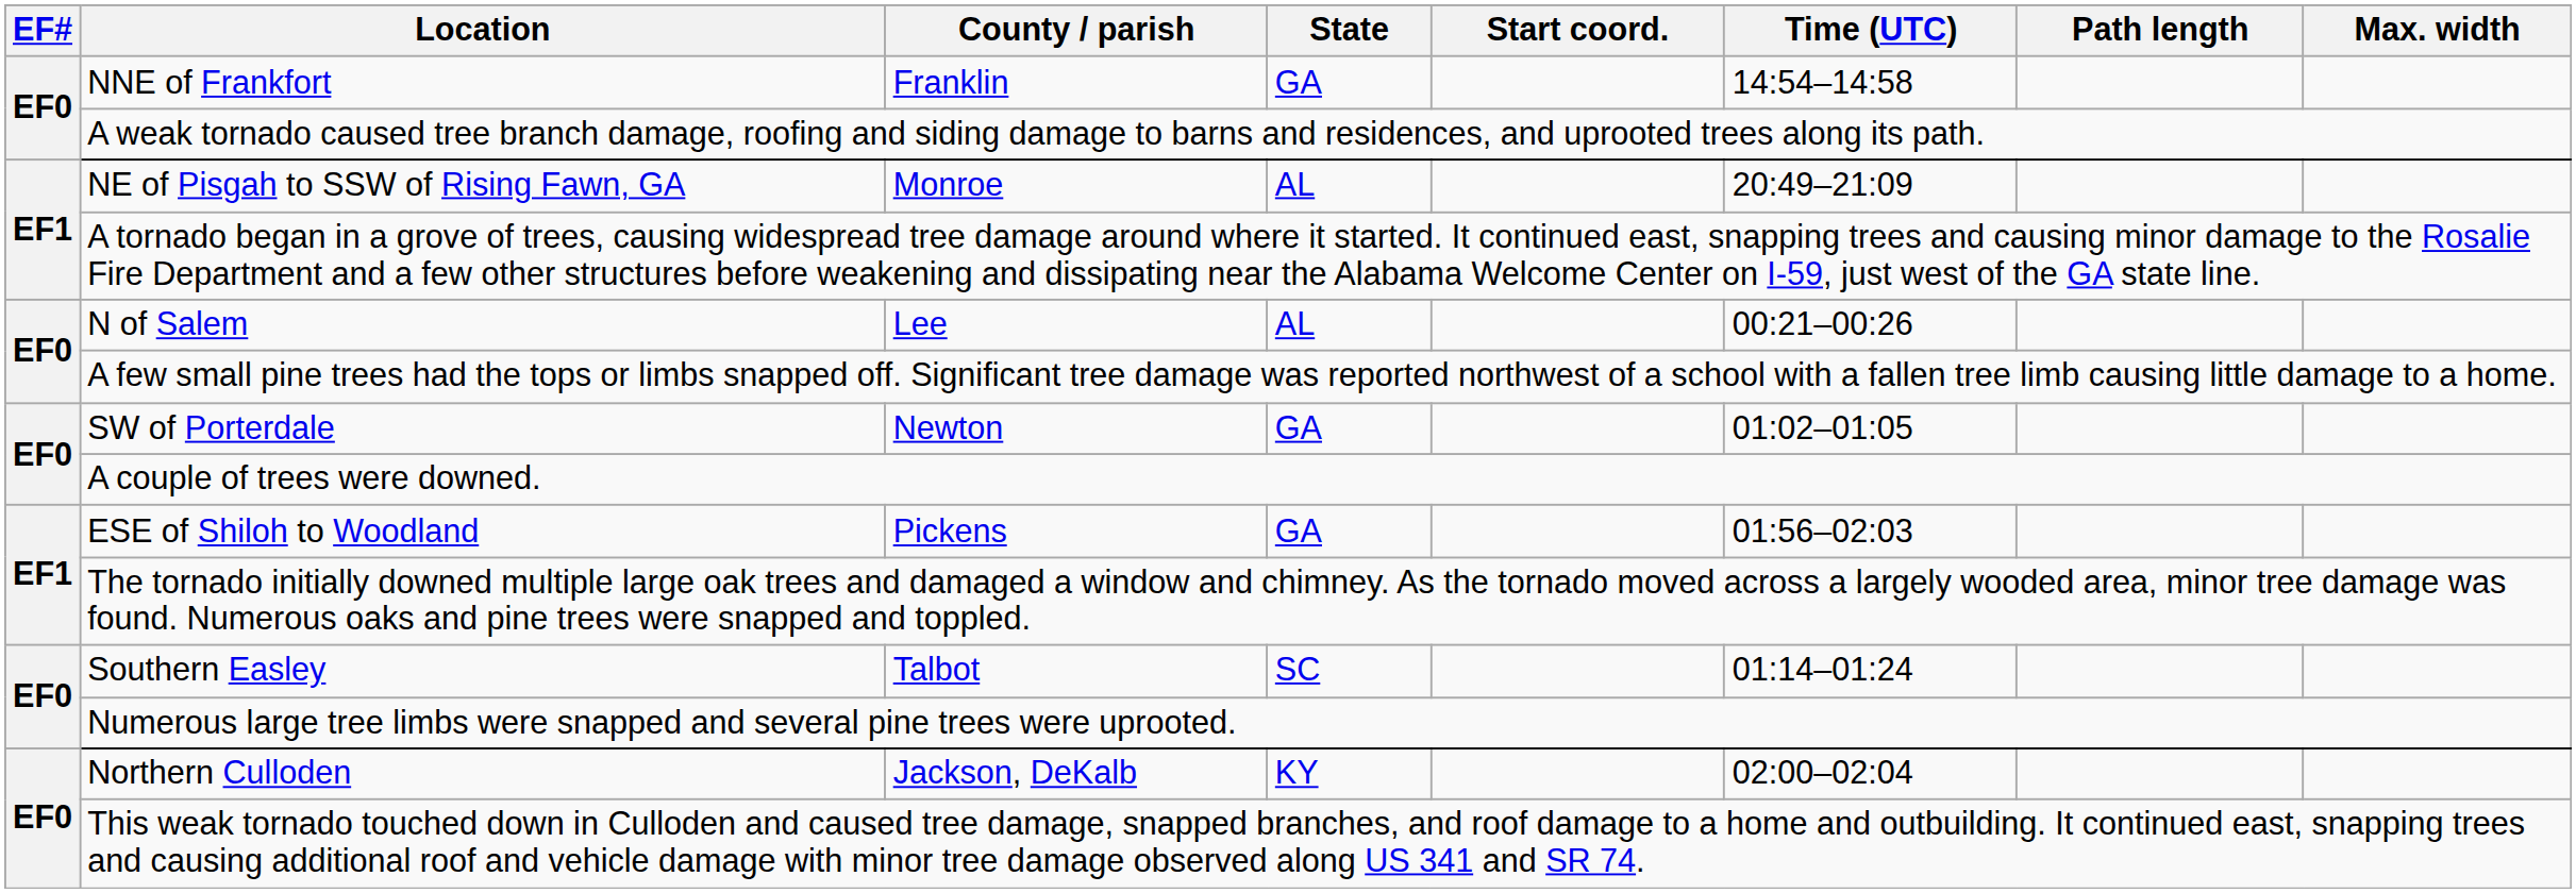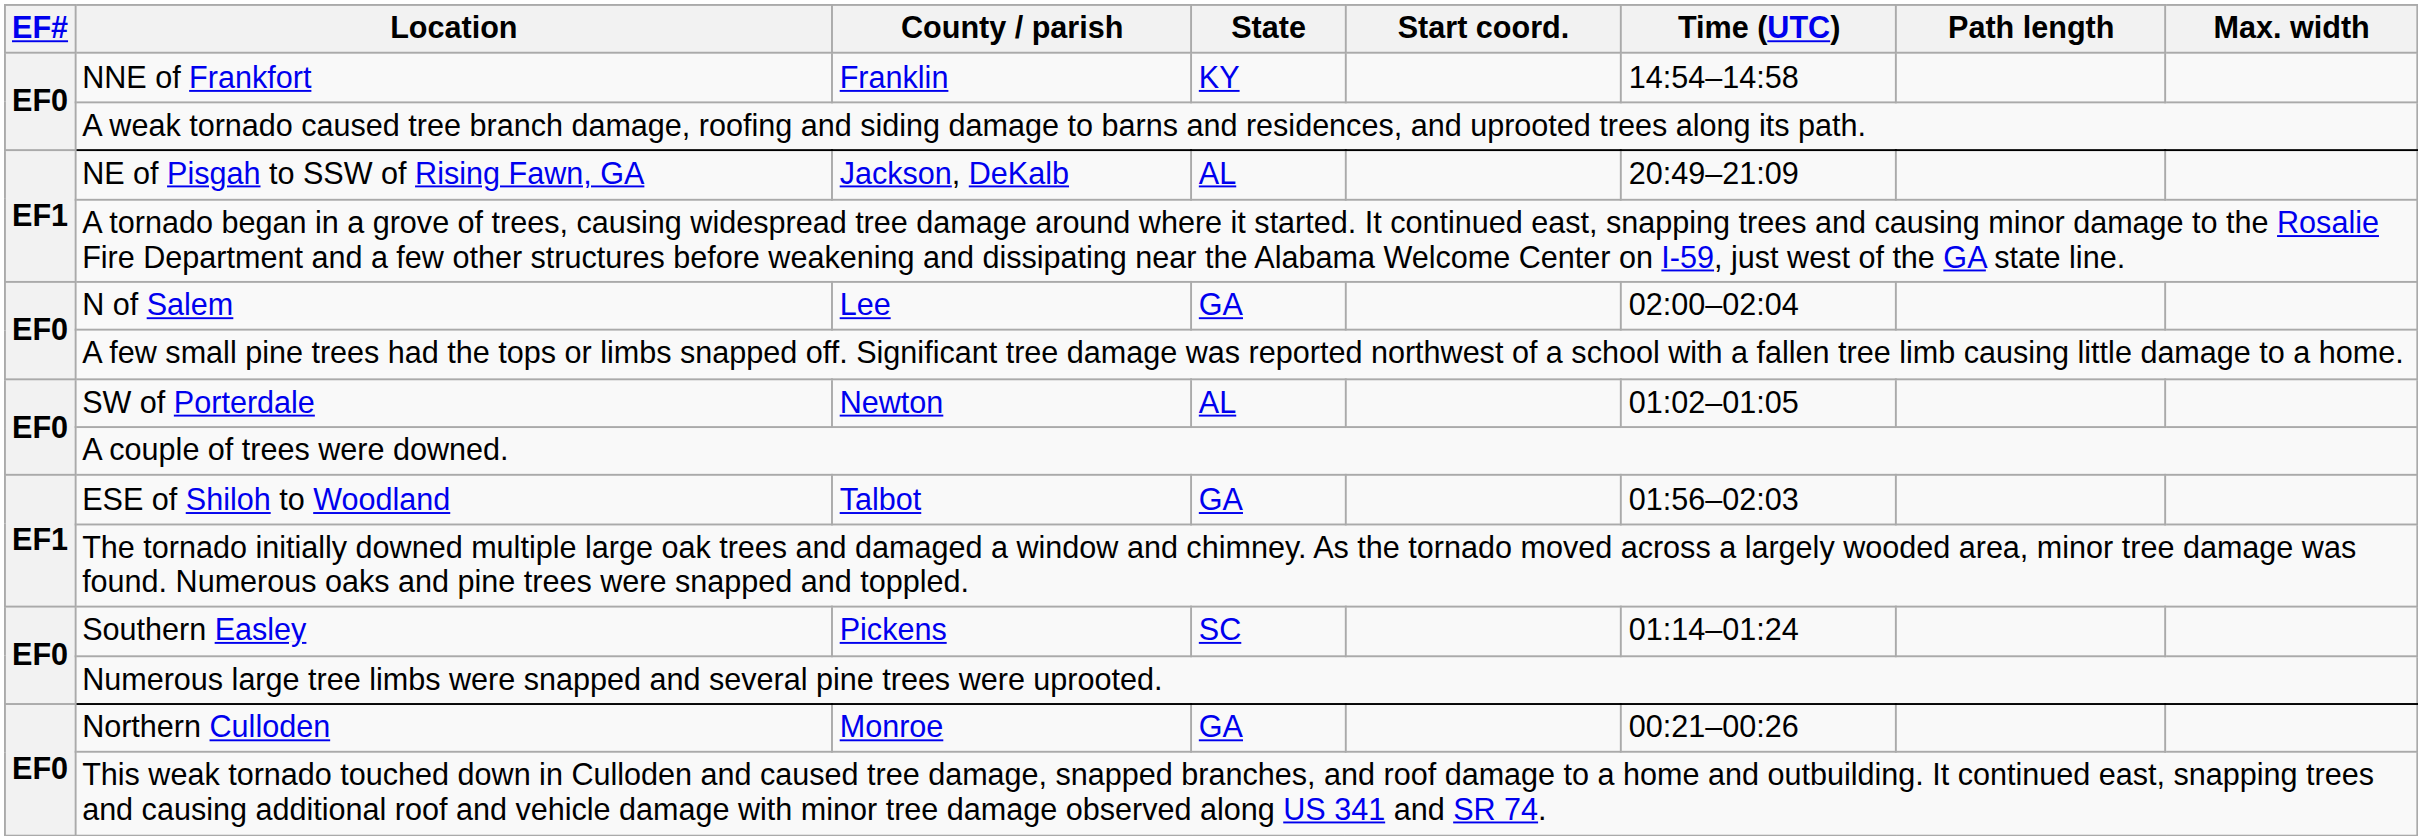 <table class="wikitable sortable" style="width:100%;">
 <tr>
 <th scope="col" width="2%" align="center"><a href='#'>EF#</a></th>
 <th scope="col" align="center" class="unsortable">Location</th>
 <th scope="col" align="center" class="unsortable">County / parish</th>
 <th scope="col" align="center">State</th>
 <th scope="col" align="center">Start coord.</th>
 <th scope="col" align="center">Time (<a href='#'>UTC</a>)</th>
 <th scope="col" align="center">Path length</th>
 <th scope="col" align="center">Max. width</th>
 </tr>
 <tr>
 <th scope="row" rowspan="2" style="background-color:#">EF0</th>
 <td>NNE of <a href='#'>Frankfort</a></td>
 <td><a href='#'>Franklin</a></td>
-<td><a href='#'>GA</a></td>
+<td><a href='#'>KY</a></td>
 <td></td>
 <td>14:54–14:58</td>
 <td></td>
 <td></td>
 </tr>
 <tr class="expand-child">
 <td colspan="8" style=" border-bottom: 1px solid black;">A weak tornado caused tree branch damage, roofing and siding damage to barns and residences, and uprooted trees along its path.</td>
 </tr>
 <tr>
 <th scope="row" rowspan="2" style="background-color:#">EF1</th>
 <td>NE of <a href='#'>Pisgah</a> to SSW of <a href='#'>Rising Fawn, GA</a></td>
-<td><a href='#'>Monroe</a></td>
+<td><a href='#'>Jackson</a>, <a href='#'>DeKalb</a></td>
 <td><a href='#'>AL</a></td>
 <td></td>
 <td>20:49–21:09</td>
 <td></td>
 <td></td>
 </tr>
 <tr class="expand-child">
 <td colspan="8" border-bottom: 1px solid black;>A tornado began in a grove of trees, causing widespread tree damage around where it started. It continued east, snapping trees and causing minor damage to the <a href='#'>Rosalie</a> Fire Department and a few other structures before weakening and dissipating near the Alabama Welcome Center on <a href='#'>I-59</a>, just west of the <a href='#'>GA</a> state line.</td>
 </tr>
 <tr>
 <th scope="row" rowspan="2" style="background-color:#">EF0</th>
 <td>N of <a href='#'>Salem</a></td>
 <td><a href='#'>Lee</a></td>
-<td><a href='#'>AL</a></td>
+<td><a href='#'>GA</a></td>
 <td></td>
-<td>00:21–00:26</td>
+<td>02:00–02:04</td>
 <td></td>
 <td></td>
 </tr>
 <tr class="expand-child">
 <td colspan="8" border-bottom: 1px solid black;>A few small pine trees had the tops or limbs snapped off. Significant tree damage was reported northwest of a school with a fallen tree limb causing little damage to a home.</td>
 </tr>
 <tr>
 <th scope="row" rowspan="2" style="background-color:#">EF0</th>
 <td>SW of <a href='#'>Porterdale</a></td>
 <td><a href='#'>Newton</a></td>
-<td><a href='#'>GA</a></td>
+<td><a href='#'>AL</a></td>
 <td></td>
 <td>01:02–01:05</td>
 <td></td>
 <td></td>
 </tr>
 <tr class="expand-child">
 <td colspan="8" border-bottom: 1px solid black;>A couple of trees were downed.</td>
 </tr>
 <tr>
 <th scope="row" rowspan="2" style="background-color:#">EF1</th>
 <td>ESE of <a href='#'>Shiloh</a> to <a href='#'>Woodland</a></td>
-<td><a href='#'>Pickens</a></td>
+<td><a href='#'>Talbot</a></td>
 <td><a href='#'>GA</a></td>
 <td></td>
 <td>01:56–02:03</td>
 <td></td>
 <td></td>
 </tr>
 <tr class="expand-child">
 <td colspan="8" border-bottom: 1px solid black;>The tornado initially downed multiple large oak trees and damaged a window and chimney. As the tornado moved across a largely wooded area, minor tree damage was found. Numerous oaks and pine trees were snapped and toppled.</td>
 </tr>
 <tr>
 <th scope="row" rowspan="2" style="background-color:#">EF0</th>
 <td>Southern <a href='#'>Easley</a></td>
-<td><a href='#'>Talbot</a></td>
+<td><a href='#'>Pickens</a></td>
 <td><a href='#'>SC</a></td>
 <td></td>
 <td>01:14–01:24</td>
 <td></td>
 <td></td>
 </tr>
 <tr class="expand-child">
 <td colspan="8" style=" border-bottom: 1px solid black;">Numerous large tree limbs were snapped and several pine trees were uprooted.</td>
 </tr>
 <tr>
 <th scope="row" rowspan="2" style="background-color:#">EF0</th>
 <td>Northern <a href='#'>Culloden</a></td>
-<td><a href='#'>Jackson</a>, <a href='#'>DeKalb</a></td>
-<td><a href='#'>KY</a></td>
+<td><a href='#'>Monroe</a></td>
+<td><a href='#'>GA</a></td>
 <td></td>
-<td>02:00–02:04</td>
+<td>00:21–00:26</td>
 <td></td>
 <td></td>
 </tr>
 <tr class="expand-child">
 <td colspan="8" border-bottom: 1px solid black;>This weak tornado touched down in Culloden and caused tree damage, snapped branches, and roof damage to a home and outbuilding. It continued east, snapping trees and causing additional roof and vehicle damage with minor tree damage observed along <a href='#'>US 341</a> and <a href='#'>SR 74</a>.</td>
 </tr>
 <tr>
 </tr>
 </table>
